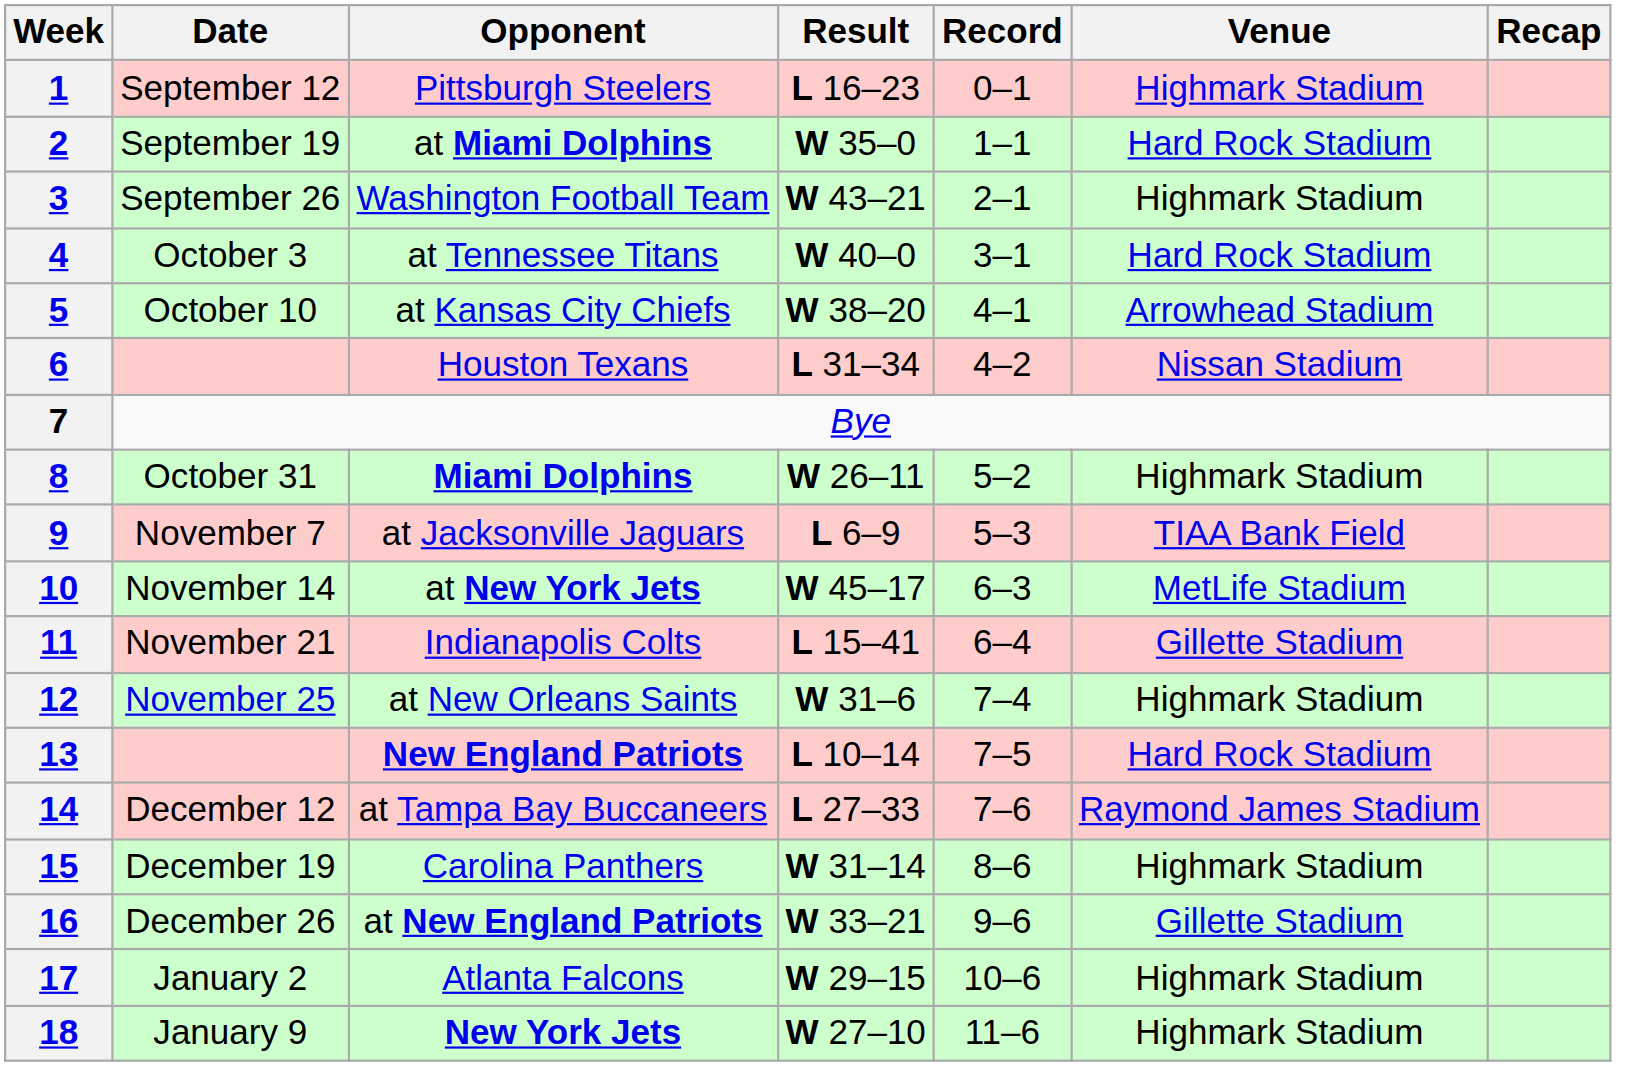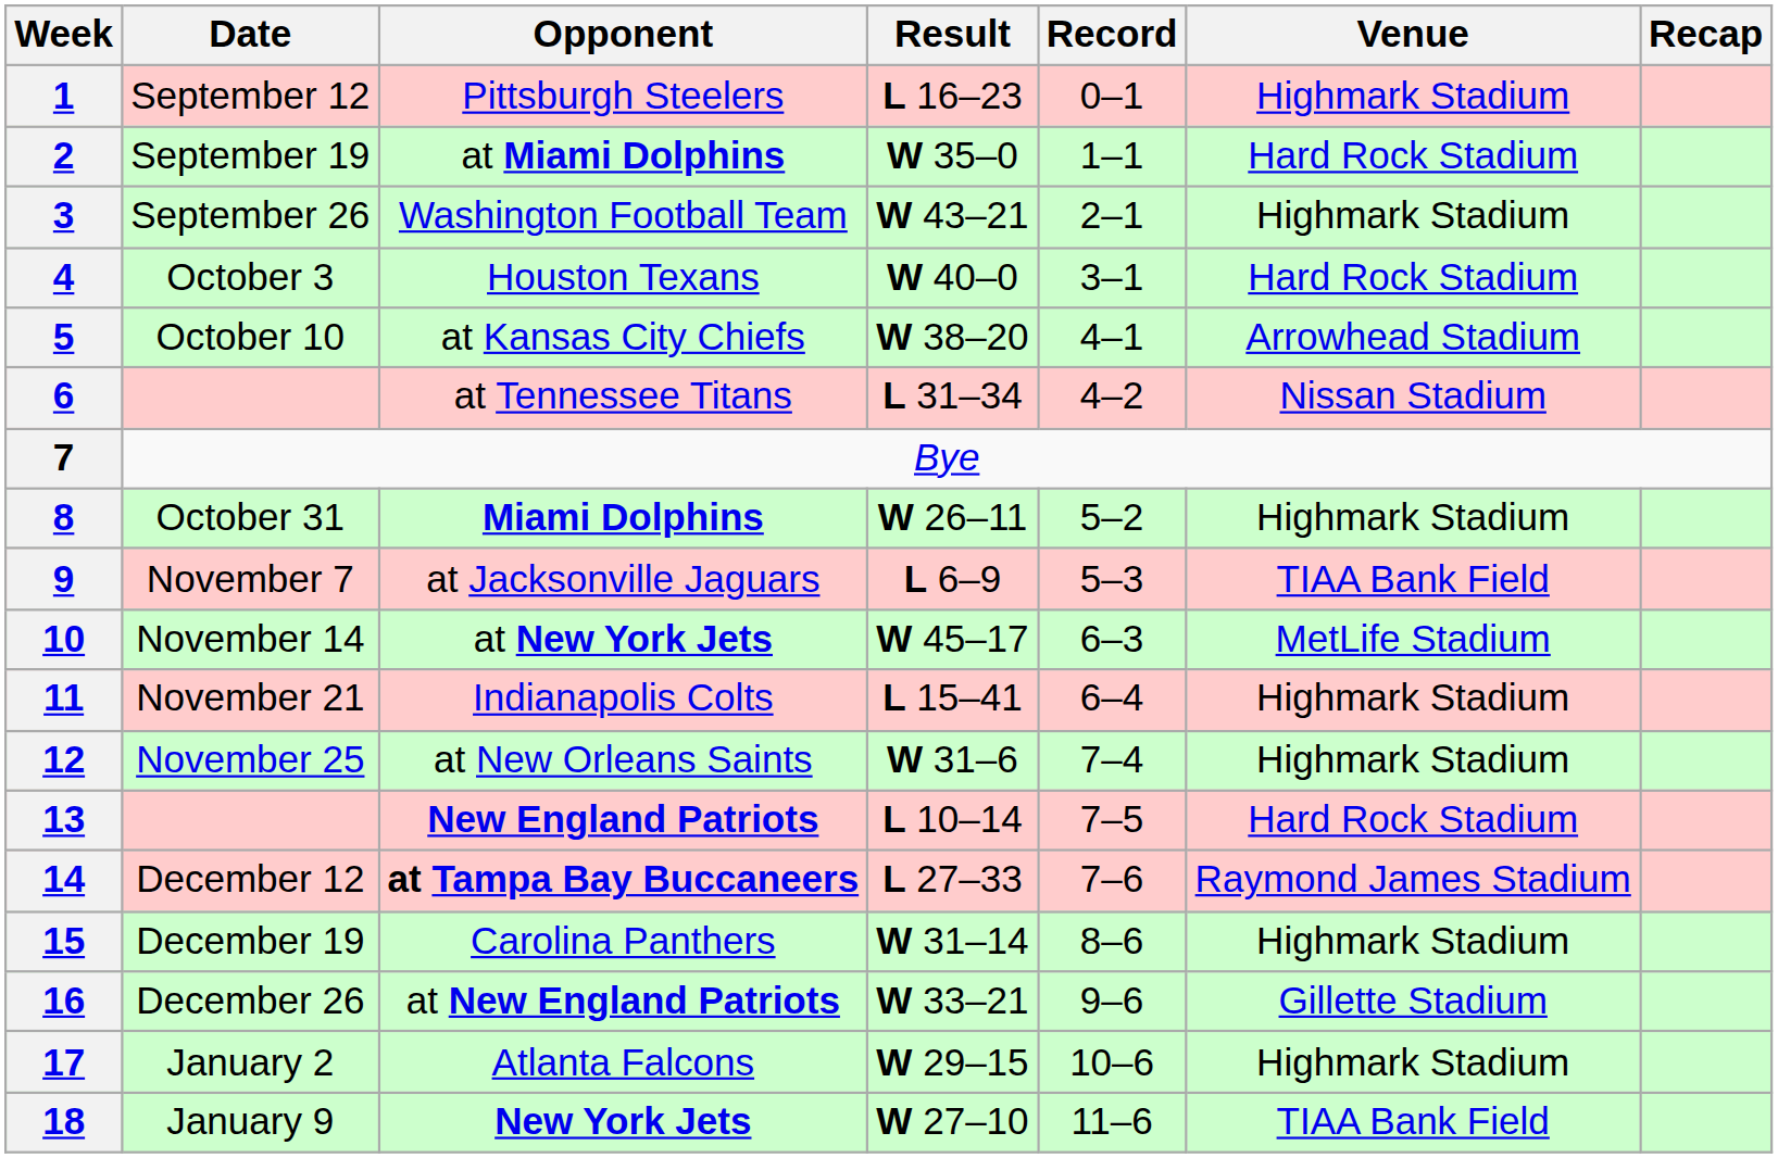 <table class="wikitable" style="text-align:center">
 <tr>
 <th>Week</th>
 <th>Date</th>
 <th>Opponent</th>
 <th>Result</th>
 <th>Record</th>
 <th>Venue</th>
 <th>Recap</th>
 </tr>
 <tr style="background:#fcc">
 <th><a href='#'>1</a></th>
 <td>September 12</td>
 <td><a href='#'>Pittsburgh Steelers</a></td>
 <td><strong>L</strong> 16–23</td>
 <td>0–1</td>
 <td><a href='#'>Highmark Stadium</a></td>
 <td></td>
 </tr>
 <tr style="background:#cfc">
 <th><a href='#'>2</a></th>
 <td>September 19</td>
 <td>at <strong><a href='#'>Miami Dolphins</a></strong></td>
 <td><strong>W</strong>  35–0</td>
 <td>1–1</td>
 <td><a href='#'>Hard Rock Stadium</a></td>
 <td></td>
 </tr>
 <tr style="background:#cfc">
 <th><a href='#'>3</a></th>
 <td>September 26</td>
 <td><a href='#'>Washington Football Team</a></td>
 <td><strong>W</strong> 43–21</td>
 <td>2–1</td>
 <td>Highmark Stadium</td>
 <td></td>
 </tr>
 <tr style="background:#cfc">
 <th><a href='#'>4</a></th>
 <td>October 3</td>
-<td>at <a href='#'>Tennessee Titans</a></td>
+<td><a href='#'>Houston Texans</a></td>
 <td><strong>W</strong> 40–0</td>
 <td>3–1</td>
 <td><a href='#'>Hard Rock Stadium</a></td>
 <td></td>
 </tr>
 <tr style="background:#cfc">
 <th><a href='#'>5</a></th>
 <td>October 10</td>
 <td>at <a href='#'>Kansas City Chiefs</a></td>
 <td><strong>W</strong> 38–20</td>
 <td>4–1</td>
 <td><a href='#'>Arrowhead Stadium</a></td>
 <td></td>
 </tr>
 <tr style="background:#fcc">
 <th><a href='#'>6</a></th>
 <td></td>
-<td><a href='#'>Houston Texans</a></td>
+<td>at <a href='#'>Tennessee Titans</a></td>
 <td><strong>L</strong> 31–34</td>
 <td>4–2</td>
 <td><a href='#'>Nissan Stadium</a></td>
 <td></td>
 </tr>
 <tr>
 <th>7</th>
 <td colspan="6"><em><a href='#'>Bye</a></em></td>
 </tr>
 <tr style="background:#cfc">
 <th><a href='#'>8</a></th>
 <td>October 31</td>
 <td><strong><a href='#'>Miami Dolphins</a></strong></td>
 <td><strong>W</strong> 26–11</td>
 <td>5–2</td>
 <td>Highmark Stadium</td>
 <td></td>
 </tr>
 <tr style="background:#fcc">
 <th><a href='#'>9</a></th>
 <td>November 7</td>
 <td>at <a href='#'>Jacksonville Jaguars</a></td>
 <td><strong>L</strong> 6–9</td>
 <td>5–3</td>
 <td><a href='#'>TIAA Bank Field</a></td>
 <td></td>
 </tr>
 <tr style="background:#cfc">
 <th><a href='#'>10</a></th>
 <td>November 14</td>
 <td>at <strong><a href='#'>New York Jets</a></strong></td>
 <td><strong>W</strong> 45–17</td>
 <td>6–3</td>
 <td><a href='#'>MetLife Stadium</a></td>
 <td></td>
 </tr>
 <tr style="background:#fcc">
 <th><a href='#'>11</a></th>
 <td>November 21</td>
 <td><a href='#'>Indianapolis Colts</a></td>
 <td><strong>L</strong> 15–41</td>
 <td>6–4</td>
-<td><a href='#'>Gillette Stadium</a></td>
+<td>Highmark Stadium</td>
 <td></td>
 </tr>
 <tr style="background:#cfc">
 <th><a href='#'>12</a></th>
 <td><a href='#'>November 25</a></td>
 <td>at <a href='#'>New Orleans Saints</a></td>
 <td><strong>W</strong> 31–6</td>
 <td>7–4</td>
 <td>Highmark Stadium</td>
 <td></td>
 </tr>
 <tr style="background:#fcc">
 <th><a href='#'>13</a></th>
 <td></td>
 <td><strong><a href='#'>New England Patriots</a></strong></td>
 <td><strong>L</strong> 10–14</td>
 <td>7–5</td>
 <td><a href='#'>Hard Rock Stadium</a></td>
 <td></td>
 </tr>
 <tr style="background:#fcc">
 <th><a href='#'>14</a></th>
 <td>December 12</td>
-<td>at <a href='#'>Tampa Bay Buccaneers</a></td>
+<td><strong>at <a href='#'>Tampa Bay Buccaneers</a></strong></td>
 <td><strong>L</strong> 27–33 </td>
 <td>7–6</td>
 <td><a href='#'>Raymond James Stadium</a></td>
 <td></td>
 </tr>
 <tr style="background:#cfc">
 <th><a href='#'>15</a></th>
 <td>December 19</td>
 <td><a href='#'>Carolina Panthers</a></td>
 <td><strong>W</strong>  31–14</td>
 <td>8–6</td>
 <td>Highmark Stadium</td>
 <td></td>
 </tr>
 <tr style="background:#cfc">
 <th><a href='#'>16</a></th>
 <td>December 26</td>
 <td>at <strong><a href='#'>New England Patriots</a></strong></td>
 <td><strong>W</strong> 33–21</td>
 <td>9–6</td>
 <td><a href='#'>Gillette Stadium</a></td>
 <td></td>
 </tr>
 <tr style="background:#cfc">
 <th><a href='#'>17</a></th>
 <td>January 2</td>
 <td><a href='#'>Atlanta Falcons</a></td>
 <td><strong>W</strong> 29–15</td>
 <td>10–6</td>
 <td>Highmark Stadium</td>
 <td></td>
 </tr>
 <tr style="background:#cfc">
 <th><a href='#'>18</a></th>
 <td>January 9</td>
 <td><strong><a href='#'>New York Jets</a></strong></td>
 <td><strong>W</strong> 27–10</td>
 <td>11–6</td>
-<td>Highmark Stadium</td>
+<td><a href='#'>TIAA Bank Field</a></td>
 <td></td>
 </tr>
 </table>
